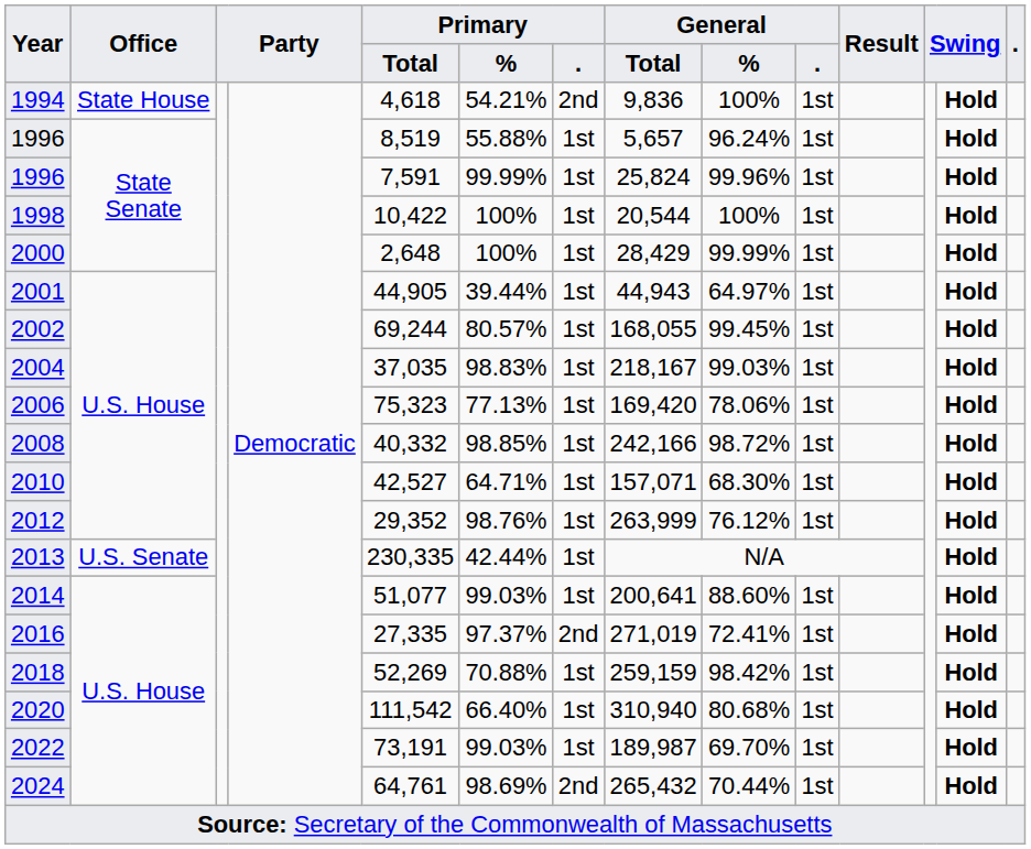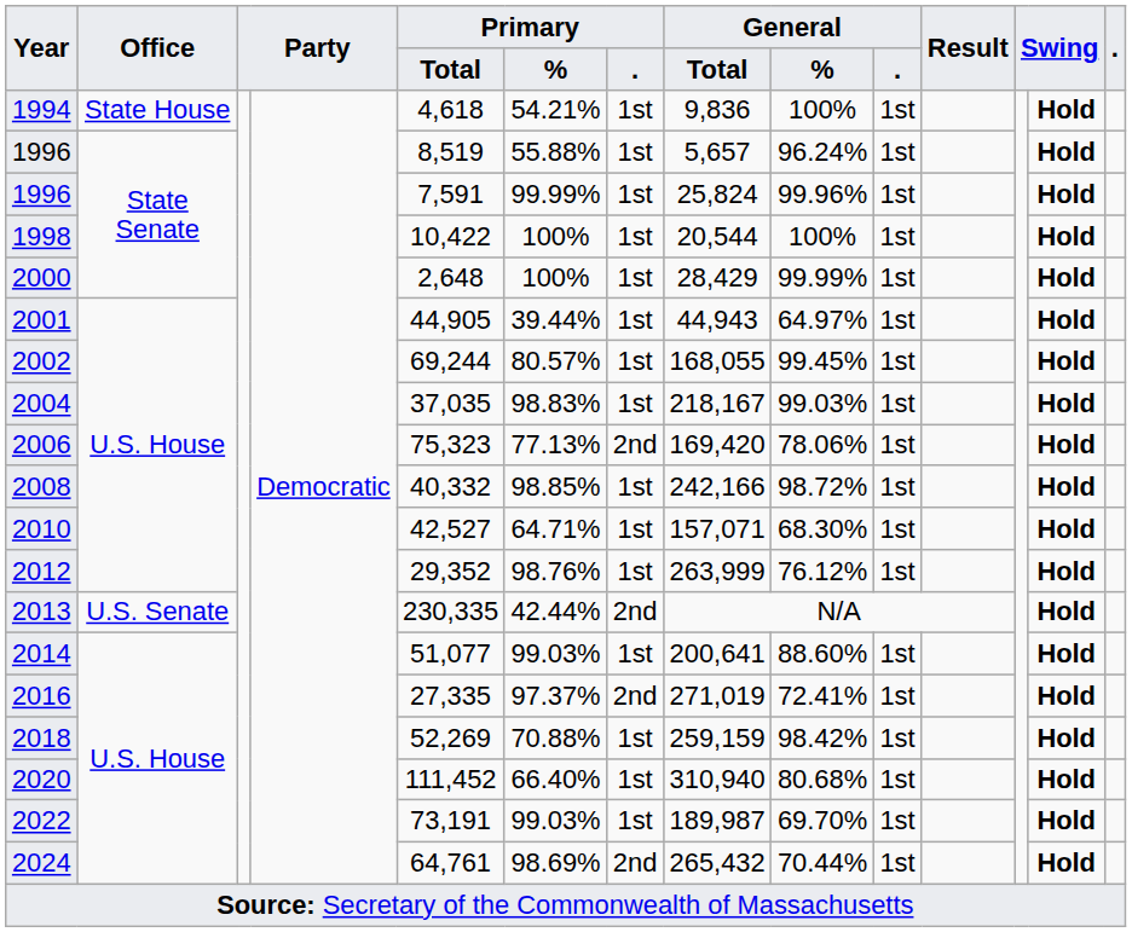 <table class="wikitable" style="font-size:90%; text-align:center;">
 <tr>
 <th style="background-color:#EAECF0;" rowspan=2>Year</th>
 <th style="background-color:#EAECF0;" rowspan=2>Office</th>
 <th style="background-color:#EAECF0;" colspan=2 rowspan=2>Party</th>
 <th style="background-color:#EAECF0;" colspan=3>Primary</th>
 <th style="background-color:#EAECF0;" colspan=3>General</th>
 <th style="background-color:#EAECF0;" rowspan=2>Result</th>
 <th style="background-color:#EAECF0;" colspan=2 rowspan=2><a href='#'>Swing</a></th>
 <th style="background-color:#EAECF0;" rowspan=2>.</th>
 </tr>
 <tr>
 <th style="background-color:#EAECF0;">Total</th>
 <th style="background-color:#EAECF0;">%</th>
 <th style="background-color:#EAECF0;">.</th>
 <th style="background-color:#EAECF0;">Total</th>
 <th style="background-color:#EAECF0;">%</th>
 <th style="background-color:#EAECF0;">.</th>
 </tr>
 <tr>
 <td style="background-color:#EAECF0;"><a href='#'>1994</a></td>
 <td rowspan=1><a href='#'>State House</a></td>
 <td rowspan="19" style="background-color:"></td>
 <td rowspan="19"><a href='#'>Democratic</a></td>
 <td>4,618</td>
 <td>54.21%</td>
-<td>2nd</td>
+<td>1st</td>
 <td>9,836</td>
 <td>100%</td>
 <td>1st</td>
 <td></td>
 <td rowspan="19" style="background-color:"></td>
 <td><strong>Hold</strong></td>
 <td></td>
 </tr>
 <tr>
 <td style="background-color:#EAECF0;">1996</td>
 <td rowspan=4><a href='#'>State Senate</a></td>
 <td>8,519</td>
 <td>55.88%</td>
 <td>1st</td>
 <td>5,657</td>
 <td>96.24%</td>
 <td>1st</td>
 <td></td>
 <td><strong>Hold</strong></td>
 <td></td>
 </tr>
 <tr>
 <td style="background-color:#EAECF0;"><a href='#'>1996</a></td>
 <td>7,591</td>
 <td>99.99%</td>
 <td>1st</td>
 <td>25,824</td>
 <td>99.96%</td>
 <td>1st</td>
 <td></td>
 <td><strong>Hold</strong></td>
 <td></td>
 </tr>
 <tr>
 <td style="background-color:#EAECF0;"><a href='#'>1998</a></td>
 <td>10,422</td>
 <td>100%</td>
 <td>1st</td>
 <td>20,544</td>
 <td>100%</td>
 <td>1st</td>
 <td></td>
 <td><strong>Hold</strong></td>
 <td></td>
 </tr>
 <tr>
 <td style="background-color:#EAECF0;"><a href='#'>2000</a></td>
 <td>2,648</td>
 <td>100%</td>
 <td>1st</td>
 <td>28,429</td>
 <td>99.99%</td>
 <td>1st</td>
 <td></td>
 <td><strong>Hold</strong></td>
 <td></td>
 </tr>
 <tr>
 <td style="background-color:#EAECF0;"><a href='#'>2001</a></td>
 <td rowspan="7"><a href='#'>U.S. House</a></td>
 <td>44,905</td>
 <td>39.44%</td>
 <td>1st</td>
 <td>44,943</td>
 <td>64.97%</td>
 <td>1st</td>
 <td></td>
 <td><strong>Hold</strong></td>
 <td></td>
 </tr>
 <tr>
 <td style="background-color:#EAECF0;"><a href='#'>2002</a></td>
 <td>69,244</td>
 <td>80.57%</td>
 <td>1st</td>
 <td>168,055</td>
 <td>99.45%</td>
 <td>1st</td>
 <td></td>
 <td><strong>Hold</strong></td>
 <td></td>
 </tr>
 <tr>
 <td style="background-color:#EAECF0;"><a href='#'>2004</a></td>
 <td>37,035</td>
 <td>98.83%</td>
 <td>1st</td>
 <td>218,167</td>
 <td>99.03%</td>
 <td>1st</td>
 <td></td>
 <td><strong>Hold</strong></td>
 <td></td>
 </tr>
 <tr>
 <td style="background-color:#EAECF0;"><a href='#'>2006</a></td>
 <td>75,323</td>
 <td>77.13%</td>
-<td>1st</td>
+<td>2nd</td>
 <td>169,420</td>
 <td>78.06%</td>
 <td>1st</td>
 <td></td>
 <td><strong>Hold</strong></td>
 <td></td>
 </tr>
 <tr>
 <td style="background-color:#EAECF0;"><a href='#'>2008</a></td>
 <td>40,332</td>
 <td>98.85%</td>
 <td>1st</td>
 <td>242,166</td>
 <td>98.72%</td>
 <td>1st</td>
 <td></td>
 <td><strong>Hold</strong></td>
 <td></td>
 </tr>
 <tr>
 <td style="background-color:#EAECF0;"><a href='#'>2010</a></td>
 <td>42,527</td>
 <td>64.71%</td>
 <td>1st</td>
 <td>157,071</td>
 <td>68.30%</td>
 <td>1st</td>
 <td></td>
 <td><strong>Hold</strong></td>
 <td></td>
 </tr>
 <tr>
 <td style="background-color:#EAECF0;"><a href='#'>2012</a></td>
 <td>29,352</td>
 <td>98.76%</td>
 <td>1st</td>
 <td>263,999</td>
 <td>76.12%</td>
 <td>1st</td>
 <td></td>
 <td><strong>Hold</strong></td>
 <td></td>
 </tr>
 <tr>
 <td style="background-color:#EAECF0;"><a href='#'>2013</a></td>
 <td rowspan=1><a href='#'>U.S. Senate</a></td>
 <td>230,335</td>
 <td>42.44%</td>
-<td>1st</td>
+<td>2nd</td>
 <td colspan=4>N/A</td>
 <td><strong>Hold</strong></td>
 <td></td>
 </tr>
 <tr>
 <td style="background-color:#EAECF0;"><a href='#'>2014</a></td>
 <td rowspan="6"><a href='#'>U.S. House</a></td>
 <td>51,077</td>
 <td>99.03%</td>
 <td>1st</td>
 <td>200,641</td>
 <td>88.60%</td>
 <td>1st</td>
 <td></td>
 <td><strong>Hold</strong></td>
 <td></td>
 </tr>
 <tr>
 <td style="background-color:#EAECF0;"><a href='#'>2016</a></td>
 <td>27,335</td>
 <td>97.37%</td>
 <td>2nd</td>
 <td>271,019</td>
 <td>72.41%</td>
 <td>1st</td>
 <td></td>
 <td><strong>Hold</strong></td>
 <td></td>
 </tr>
 <tr>
 <td style="background-color:#EAECF0;"><a href='#'>2018</a></td>
 <td>52,269</td>
 <td>70.88%</td>
 <td>1st</td>
 <td>259,159</td>
 <td>98.42%</td>
 <td>1st</td>
 <td></td>
 <td><strong>Hold</strong></td>
 <td></td>
 </tr>
 <tr>
 <td style="background-color:#EAECF0;"><a href='#'>2020</a></td>
-<td>111,542</td>
+<td>111,452</td>
 <td>66.40%</td>
 <td>1st</td>
 <td>310,940</td>
 <td>80.68%</td>
 <td>1st</td>
 <td></td>
 <td><strong>Hold</strong></td>
 <td></td>
 </tr>
 <tr>
 <td style="background-color:#EAECF0;"><a href='#'>2022</a></td>
 <td>73,191</td>
 <td>99.03%</td>
 <td>1st</td>
 <td>189,987</td>
 <td>69.70%</td>
 <td>1st</td>
 <td></td>
 <td><strong>Hold</strong></td>
 <td></td>
 </tr>
 <tr>
 <td style="background-color:#EAECF0;"><a href='#'>2024</a></td>
 <td>64,761</td>
 <td>98.69%</td>
 <td>2nd</td>
 <td>265,432</td>
 <td>70.44%</td>
 <td>1st</td>
 <td></td>
 <td><strong>Hold</strong></td>
 <td></td>
 </tr>
 <tr>
 <td style="background-color:#EAECF0;" colspan=14><strong>Source:</strong> <a href='#'>Secretary of the Commonwealth of Massachusetts</a>  </td>
 </tr>
 </table>
